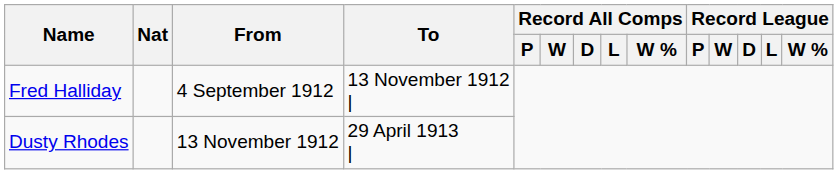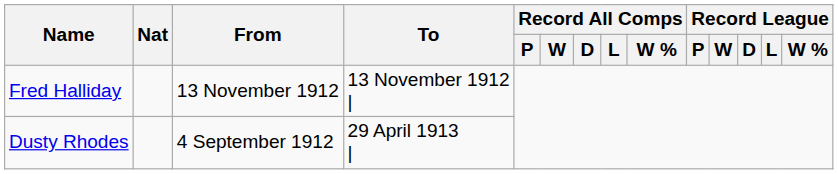 <table class="wikitable" style="text-align: center">
 <tr>
 <th rowspan="2">Name</th>
 <th rowspan="2">Nat</th>
 <th rowspan="2">From</th>
 <th rowspan="2">To</th>
 <th colspan="5">Record All Comps</th>
 <th colspan="5">Record League</th>
 </tr>
 <tr>
 <th>P</th>
 <th>W</th>
 <th>D</th>
 <th>L</th>
 <th>W %</th>
 <th>P</th>
 <th>W</th>
 <th>D</th>
 <th>L</th>
 <th>W %</th>
 </tr>
 <tr>
 <td align=left><a href='#'>Fred Halliday</a></td>
 <td></td>
-<td align=left>4 September 1912</td>
+<td align=left>13 November 1912</td>
 <td align=left>13 November 1912<br>|</td>
 </tr>
 <tr>
 <td align=left><a href='#'>Dusty Rhodes</a></td>
 <td></td>
-<td align=left>13 November 1912</td>
+<td align=left>4 September 1912</td>
 <td align=left>29 April 1913<br>|</td>
 </tr>
 </table>
